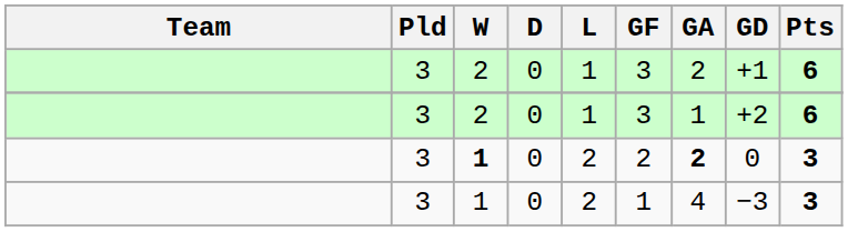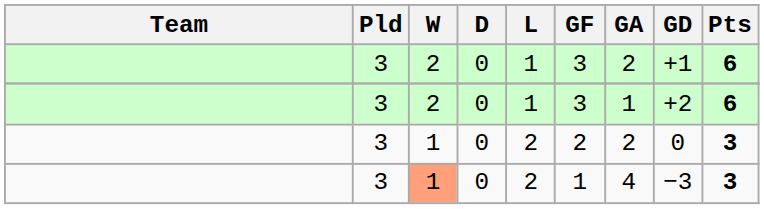 <table class="wikitable" style="text-align:center;">
 <tr>
 <th width=180>Team</th>
 <th width=20>Pld</th>
 <th width=20>W</th>
 <th width=20>D</th>
 <th width=20>L</th>
 <th width=20>GF</th>
 <th width=20>GA</th>
 <th width=20>GD</th>
 <th width=20>Pts</th>
 </tr>
 <tr align=center style="background:#ccffcc;">
 <td style="text-align:left;"></td>
 <td>3</td>
 <td>2</td>
 <td>0</td>
 <td>1</td>
 <td>3</td>
 <td>2</td>
 <td>+1</td>
 <td><strong>6</strong></td>
 </tr>
 <tr align=center>
 </tr>
 <tr align=center style="background:#ccffcc;">
 <td style="text-align:left;"></td>
 <td>3</td>
 <td>2</td>
 <td>0</td>
 <td>1</td>
 <td>3</td>
 <td>1</td>
 <td>+2</td>
 <td><strong>6</strong></td>
 </tr>
 <tr align=center>
 <td style="text-align:left;"></td>
 <td>3</td>
-<td><strong>1</strong></td>
+<td>1</td>
 <td>0</td>
 <td>2</td>
 <td>2</td>
-<td><strong>2</strong></td>
+<td>2</td>
 <td>0</td>
 <td><strong>3</strong></td>
 </tr>
 <tr align=center>
 <td style="text-align:left;"></td>
 <td>3</td>
-<td>1</td>
+<td style="background: lightsalmon;">1</td>
 <td>0</td>
 <td>2</td>
 <td>1</td>
 <td>4</td>
 <td>−3</td>
 <td><strong>3</strong></td>
 </tr>
 </table>
